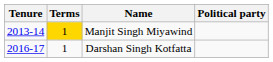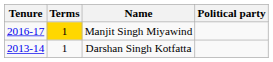 <table class="wikitable sortable">
 <tr>
 <th>Tenure</th>
 <th>Terms</th>
 <th>Name</th>
 <th colspan="2">Political party</th>
 </tr>
 <tr align="center">
-<td><a href='#'>2013-14</a></td>
+<td><a href='#'>2016-17</a></td>
 <td style="background: gold;">1</td>
 <td>Manjit Singh Miyawind </td>
 <td></td>
 </tr>
 <tr align="center">
-<td><a href='#'>2016-17</a></td>
+<td><a href='#'>2013-14</a></td>
 <td>1</td>
 <td>Darshan Singh Kotfatta</td>
 <td></td>
 </tr>
 </table>
